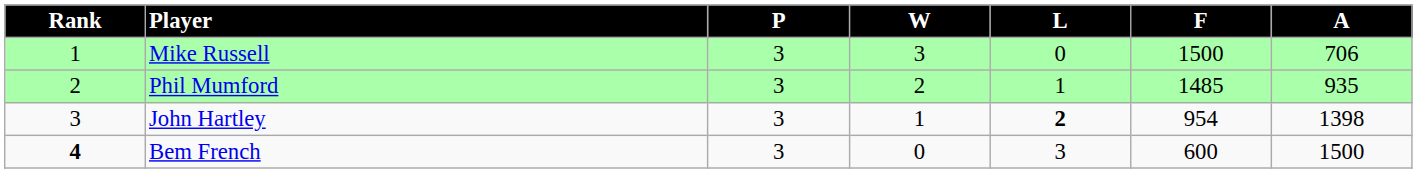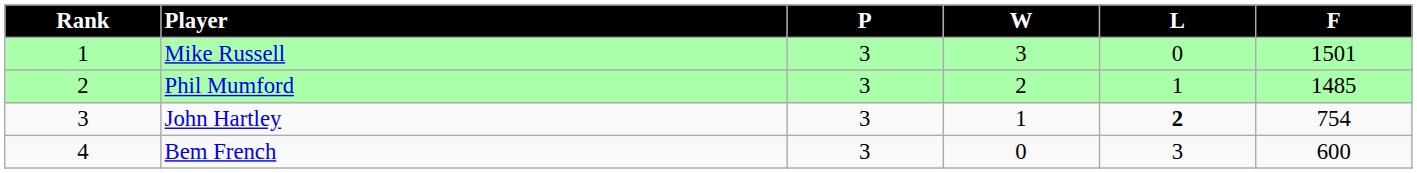 <table border="2" cellpadding="2" cellspacing="0" style="margin: 0; background: #f9f9f9; border: 1px #aaa solid; border-collapse: collapse; font-size: 100%;" width=50%>
 <tr>
 <th bgcolor="000000" style="color:white; text-align:center" width=5%>Rank</th>
 <th bgcolor="000000" style="color:white; text-align:left" width=20%>Player</th>
 <th bgcolor="000000" style="color:white; text-align:center" width=5%>P</th>
 <th bgcolor="000000" style="color:white; text-align:center" width=5%>W</th>
 <th bgcolor="000000" style="color:white; text-align:center" width=5%>L</th>
 <th bgcolor="000000" style="color:white; text-align:center" width=5%>F</th>
-<th bgcolor="000000" style="color:white; text-align:center" width=5%>A</th>
 </tr>
 <tr>
 <td style="text-align:center; background:#aaffaa">1</td>
 <td style="text-align:left; background:#aaffaa"> <a href='#'>Mike Russell</a></td>
 <td style="text-align:center; background:#aaffaa">3</td>
 <td style="text-align:center; background:#aaffaa">3</td>
 <td style="text-align:center; background:#aaffaa">0</td>
-<td style="text-align:center; background:#aaffaa">1500</td>
-<td style="text-align:center; background:#aaffaa">706</td>
+<td style="text-align:center; background:#aaffaa">1501</td>
 </tr>
 <tr>
 <td style="text-align:center; background:#aaffaa">2</td>
 <td style="text-align:left; background:#aaffaa"> <a href='#'>Phil Mumford</a></td>
 <td style="text-align:center; background:#aaffaa">3</td>
 <td style="text-align:center; background:#aaffaa">2</td>
 <td style="text-align:center; background:#aaffaa">1</td>
 <td style="text-align:center; background:#aaffaa">1485</td>
-<td style="text-align:center; background:#aaffaa">935</td>
 </tr>
 <tr>
 <td style="text-align:center">3</td>
 <td style="text-align:left;"> <a href='#'>John Hartley</a></td>
 <td style="text-align:center;">3</td>
 <td style="text-align:center;">1</td>
 <td style="text-align:center;"><strong>2</strong></td>
-<td style="text-align:center;">954</td>
-<td style="text-align:center;">1398</td>
+<td style="text-align:center;">754</td>
 </tr>
 <tr>
-<td style="text-align:center"><strong>4</strong></td>
+<td style="text-align:center">4</td>
 <td style="text-align:left;"> <a href='#'>Bem French</a></td>
 <td style="text-align:center;">3</td>
 <td style="text-align:center;">0</td>
 <td style="text-align:center;">3</td>
 <td style="text-align:center;">600</td>
-<td style="text-align:center;">1500</td>
 </tr>
 </table>
